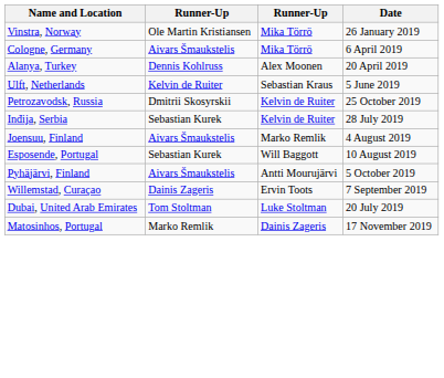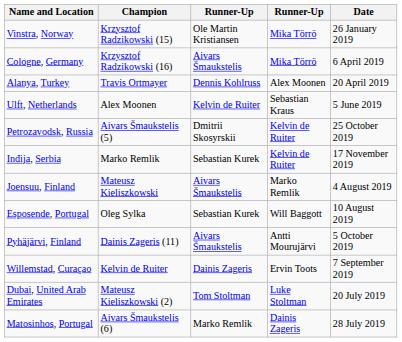 <table class="wikitable" style="display: inline-table;width: 100%;">
 <tr>
 <th scope="col">Name and Location</th>
+<th scope="col">Champion</th>
 <th scope="col">Runner-Up</th>
 <th scope="col">Runner-Up</th>
 <th scope="col">Date</th>
 </tr>
 <tr>
 <td> <a href='#'>Vinstra</a>, <a href='#'>Norway</a><br></td>
+<td> <a href='#'>Krzysztof Radzikowski</a> (15)</td>
 <td> Ole Martin Kristiansen</td>
 <td> <a href='#'>Mika Törrö</a></td>
 <td>26 January 2019</td>
 </tr>
 <tr>
 <td> <a href='#'>Cologne</a>, <a href='#'>Germany</a><br> </td>
+<td> <a href='#'>Krzysztof Radzikowski</a> (16)</td>
 <td> <a href='#'>Aivars Šmaukstelis</a></td>
 <td> <a href='#'>Mika Törrö</a></td>
 <td>6 April 2019</td>
 </tr>
 <tr>
 <td> <a href='#'>Alanya</a>, <a href='#'>Turkey</a><br> </td>
+<td> <a href='#'>Travis Ortmayer</a></td>
 <td> <a href='#'>Dennis Kohlruss</a></td>
 <td> Alex Moonen</td>
 <td>20 April 2019</td>
 </tr>
 <tr>
 <td> <a href='#'>Ulft</a>, <a href='#'>Netherlands</a><br> </td>
+<td> Alex Moonen</td>
 <td> <a href='#'>Kelvin de Ruiter</a></td>
 <td> Sebastian Kraus</td>
 <td>5 June 2019</td>
 </tr>
 <tr>
 <td> <a href='#'>Petrozavodsk</a>, <a href='#'>Russia</a><br> </td>
+<td> <a href='#'>Aivars Šmaukstelis</a> (5)</td>
 <td> Dmitrii Skosyrskii</td>
 <td> <a href='#'>Kelvin de Ruiter</a></td>
 <td>25 October 2019</td>
 </tr>
 <tr>
 <td> <a href='#'>Inđija</a>, <a href='#'>Serbia</a><br> </td>
+<td> Marko Remlik</td>
 <td> Sebastian Kurek</td>
 <td> <a href='#'>Kelvin de Ruiter</a></td>
-<td>28 July 2019</td>
+<td>17 November 2019</td>
 </tr>
 <tr>
 <td> <a href='#'>Joensuu</a>, <a href='#'>Finland</a><br> </td>
+<td> <a href='#'>Mateusz Kieliszkowski</a></td>
 <td> <a href='#'>Aivars Šmaukstelis</a></td>
 <td> Marko Remlik</td>
 <td>4 August 2019</td>
 </tr>
 <tr>
 <td> <a href='#'>Esposende</a>, <a href='#'>Portugal</a><br> </td>
+<td> Oleg Sylka</td>
 <td> Sebastian Kurek</td>
 <td> Will Baggott</td>
 <td>10 August 2019</td>
 </tr>
 <tr>
 <td> <a href='#'>Pyhäjärvi</a>, <a href='#'>Finland</a><br> </td>
+<td> <a href='#'>Dainis Zageris</a> (11)</td>
 <td> <a href='#'>Aivars Šmaukstelis</a></td>
 <td> Antti Mourujärvi</td>
 <td>5 October 2019</td>
 </tr>
 <tr>
 <td> <a href='#'>Willemstad</a>, <a href='#'>Curaçao</a><br> </td>
+<td> <a href='#'>Kelvin de Ruiter</a></td>
 <td> <a href='#'>Dainis Zageris</a></td>
 <td> Ervin Toots</td>
 <td>7 September 2019</td>
 </tr>
 <tr>
 <td> <a href='#'>Dubai</a>, <a href='#'>United Arab Emirates</a><br> </td>
+<td> <a href='#'>Mateusz Kieliszkowski</a> (2)</td>
 <td> <a href='#'>Tom Stoltman</a></td>
 <td> <a href='#'>Luke Stoltman</a></td>
 <td>20 July 2019</td>
 </tr>
 <tr>
 <td> <a href='#'>Matosinhos</a>, <a href='#'>Portugal</a> <br> </td>
+<td> <a href='#'>Aivars Šmaukstelis</a> (6)</td>
 <td> Marko Remlik</td>
 <td> <a href='#'>Dainis Zageris</a></td>
-<td>17 November 2019</td>
+<td>28 July 2019</td>
 </tr>
 </table>
